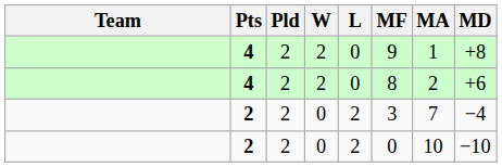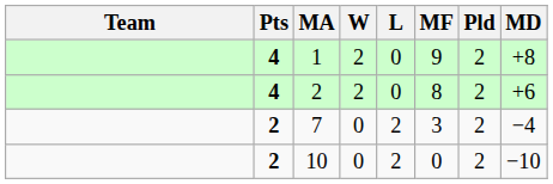 <table class=wikitable style="text-align:center">
 <tr>
 <th width=175>Team</th>
 <th width=20>Pts</th>
-<th width=20>Pld</th>
+<th width=20>MA</th>
 <th width=20>W</th>
 <th width=20>L</th>
 <th width=20>MF</th>
-<th width=20>MA</th>
+<th width=20>Pld</th>
 <th width=20>MD</th>
 </tr>
 <tr bgcolor=#ccffcc>
 <td align=left></td>
 <td><strong>4</strong></td>
-<td>2</td>
+<td>1</td>
 <td>2</td>
 <td>0</td>
 <td>9</td>
-<td>1</td>
+<td>2</td>
 <td>+8</td>
 </tr>
 <tr bgcolor=#ccffcc>
 <td align=left></td>
 <td><strong>4</strong></td>
 <td>2</td>
 <td>2</td>
 <td>0</td>
 <td>8</td>
 <td>2</td>
 <td>+6</td>
 </tr>
 <tr>
 <td align=left></td>
 <td><strong>2</strong></td>
-<td>2</td>
+<td>7</td>
 <td>0</td>
 <td>2</td>
 <td>3</td>
-<td>7</td>
+<td>2</td>
 <td>−4</td>
 </tr>
 <tr>
 <td align=left></td>
 <td><strong>2</strong></td>
+<td>10</td>
+<td>0</td>
 <td>2</td>
 <td>0</td>
 <td>2</td>
-<td>0</td>
-<td>10</td>
 <td>−10</td>
 </tr>
 </table>
